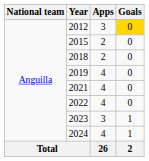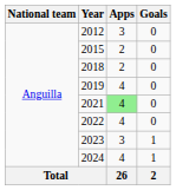 <table class="wikitable" style="text-align:center">
 <tr>
 <th>National team</th>
 <th>Year</th>
 <th>Apps</th>
 <th>Goals</th>
 </tr>
 <tr>
 <td rowspan="8"><a href='#'>Anguilla</a></td>
 <td>2012</td>
 <td>3</td>
-<td style="background: gold;">0</td>
+<td>0</td>
 </tr>
 <tr>
 <td>2015</td>
 <td>2</td>
 <td>0</td>
 </tr>
 <tr>
 <td>2018</td>
 <td>2</td>
 <td>0</td>
 </tr>
 <tr>
 <td>2019</td>
 <td>4</td>
 <td>0</td>
 </tr>
 <tr>
 <td>2021</td>
-<td>4</td>
+<td style="background: lightgreen;">4</td>
 <td>0</td>
 </tr>
 <tr>
 <td>2022</td>
 <td>4</td>
 <td>0</td>
 </tr>
 <tr>
 <td>2023</td>
 <td>3</td>
 <td>1</td>
 </tr>
 <tr>
 <td>2024</td>
 <td>4</td>
 <td>1</td>
 </tr>
 <tr>
 <th colspan=2>Total</th>
 <th>26</th>
 <th>2</th>
 </tr>
 </table>
